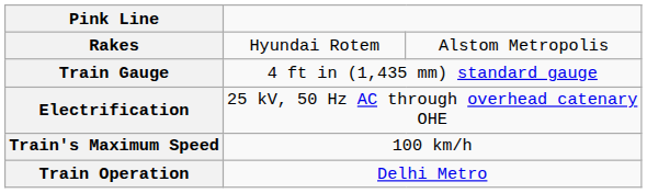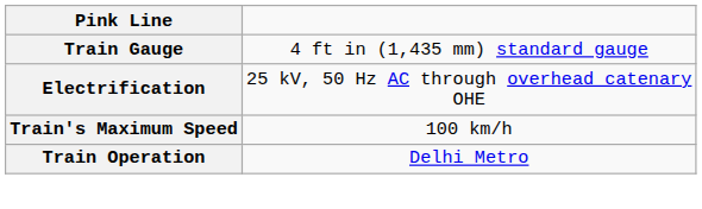 <table class="wikitable" style="text-align: center">
 <tr>
 <th style="background: #"><span>Pink Line</span></th>
-</tr>
-<tr>
-<th>Rakes</th>
-<td>Hyundai Rotem</td>
-<td>Alstom Metropolis</td>
 </tr>
 <tr>
 <th>Train Gauge</th>
 <td colspan="2">4 ft  in (1,435 mm) <a href='#'>standard gauge</a></td>
 </tr>
 <tr>
 <th>Electrification</th>
 <td colspan="2">25 kV, 50 Hz <a href='#'>AC</a> through <a href='#'>overhead catenary</a><br>OHE</td>
 </tr>
 <tr>
 <th>Train's Maximum Speed</th>
 <td colspan="2">100 km/h</td>
 </tr>
 <tr>
 <th>Train Operation</th>
 <td colspan="2"><a href='#'>Delhi Metro</a></td>
 </tr>
 </table>
